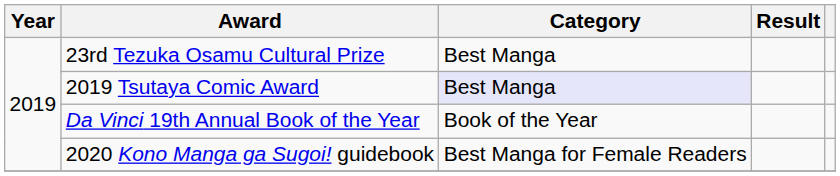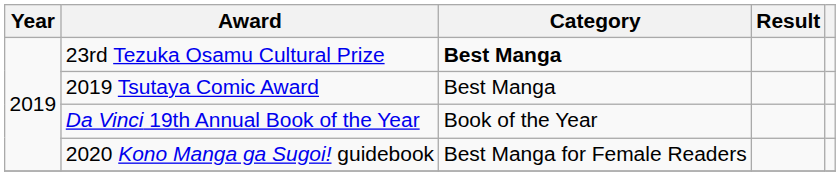 <table class="wikitable plainrowheaders sortable">
 <tr>
 <th scope="col">Year</th>
 <th scope="col">Award</th>
 <th scope="col">Category</th>
 <th scope="col">Result</th>
 <th scope="col" class="unsortable"></th>
 </tr>
 <tr>
 <td rowspan="4" align="center">2019</td>
 <td>23rd <a href='#'>Tezuka Osamu Cultural Prize</a></td>
-<td>Best Manga</td>
+<td><strong>Best Manga</strong></td>
 <td></td>
 <td style="text-align:center;"></td>
 </tr>
 <tr>
 <td>2019 <a href='#'>Tsutaya Comic Award</a></td>
-<td style="background: lavender;">Best Manga</td>
+<td>Best Manga</td>
 <td></td>
 <td style="text-align:center;"></td>
 </tr>
 <tr>
 <td><a href='#'><em>Da Vinci</em> 19th Annual Book of the Year</a></td>
 <td>Book of the Year</td>
 <td></td>
 <td style="text-align:center;"></td>
 </tr>
 <tr>
 <td>2020 <em><a href='#'>Kono Manga ga Sugoi!</a></em> guidebook</td>
 <td>Best Manga for Female Readers</td>
 <td></td>
 <td style="text-align:center;"></td>
 </tr>
 <tr>
 </tr>
 </table>
